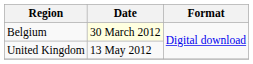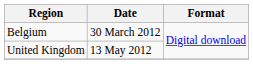 <table class=wikitable>
 <tr>
 <th>Region</th>
 <th>Date</th>
 <th>Format</th>
 </tr>
 <tr>
 <td>Belgium</td>
-<td style="background: lightyellow;">30 March 2012</td>
+<td>30 March 2012</td>
 <td rowspan="2"><a href='#'>Digital download</a></td>
 </tr>
 <tr>
 <td>United Kingdom</td>
 <td>13 May 2012</td>
 </tr>
 <tr>
 </tr>
 </table>
